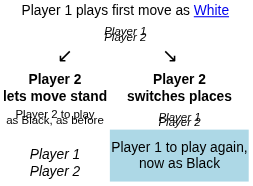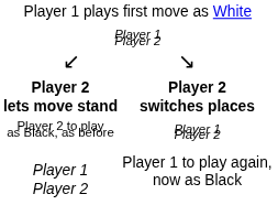 <table style="float:right; margin: 0 0 1ex 1em; font-size:small; line-height:1.2; text-align:center">
 <tr>
 <td></td>
 </tr>
 <tr>
 <td colspan="2">Player 1 plays first move as <a href='#'>White</a></td>
 </tr>
 <tr>
 <td colspan="2" style="font-size:smaller; line-height:0.5"><br><em>Player 1</em> <div>  </div> <em>Player 2</em></td>
 </tr>
 <tr style="font-size:large">
 <td> ↙</td>
 <td>↘ </td>
 </tr>
 <tr>
 <td><strong>Player 2<br> lets move stand</strong></td>
 <td><strong>Player 2<br> switches places</strong></td>
 </tr>
 <tr style="font-size:smaller; line-height:0.5">
 <td>Player 2 to play<br>as Black, as before</td>
 <td><br><em>Player 1</em> <div>  </div> <em>Player 2</em></td>
 </tr>
 <tr>
 <td><br><em>Player 1</em> <div>  </div> <em>Player 2</em></td>
-<td style="background: lightblue;">Player 1 to play again,<br>now as Black</td>
+<td>Player 1 to play again,<br>now as Black</td>
 </tr>
 </table>
